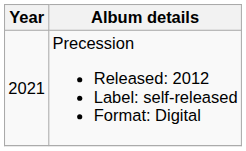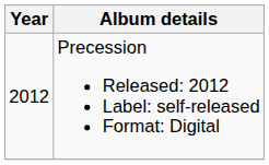 <table class="wikitable">
 <tr>
 <th>Year</th>
 <th>Album details</th>
 </tr>
 <tr>
-<td>2021</td>
+<td>2012</td>
 <td>Precession<br><ul><li>Released: 2012</li><li>Label: self-released</li><li>Format: Digital</li></ul></td>
 </tr>
 <tr>
 </tr>
 </table>
